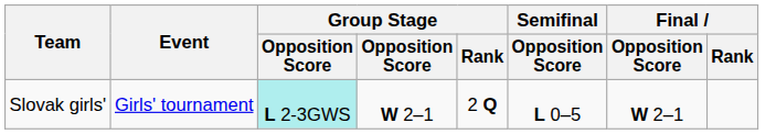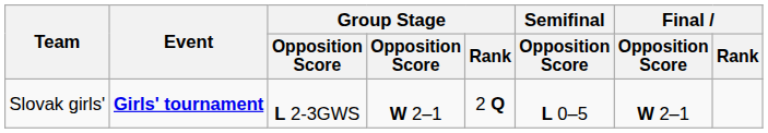 <table class="wikitable" style="font-size:90%">
 <tr>
 <th rowspan=2>Team</th>
 <th rowspan=2>Event</th>
 <th colspan=3>Group Stage</th>
 <th>Semifinal</th>
 <th colspan=2>Final / </th>
 </tr>
 <tr style="font-size:95%">
 <th>Opposition<br>Score</th>
 <th>Opposition<br>Score</th>
 <th>Rank</th>
 <th>Opposition<br>Score</th>
 <th>Opposition<br>Score</th>
 <th>Rank</th>
 </tr>
 <tr align=center>
 <td align=left>Slovak girls'</td>
-<td align=left><a href='#'>Girls' tournament</a></td>
-<td style="background: paleturquoise;"><br><strong>L</strong> 2-3GWS</td>
+<td align=left><strong><a href='#'>Girls' tournament</a></strong></td>
+<td><br><strong>L</strong> 2-3GWS</td>
 <td><br><strong>W</strong> 2–1</td>
 <td>2 <strong>Q</strong></td>
 <td><br><strong>L</strong> 0–5</td>
 <td><br><strong>W</strong> 2–1</td>
 <td></td>
 </tr>
 </table>
